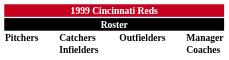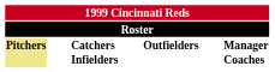 <table class="toccolours" style="font-size: 95%;">
 <tr>
 <th colspan="10" style="background:#c6011f; color:#fff; text-align:center;">1999 Cincinnati Reds</th>
 </tr>
 <tr>
 <td colspan="10" style="background:black; color:#fff; text-align:center;"><strong>Roster</strong></td>
 </tr>
 <tr>
-<td valign="top"><strong>Pitchers</strong><br>                </td>
+<td valign="top" style="background: khaki;"><strong>Pitchers</strong><br>                </td>
 <td style="width:25px;"></td>
 <td valign="top"><strong>Catchers</strong><br>   <strong>Infielders</strong>         </td>
 <td style="width:25px;"></td>
 <td valign="top"><strong>Outfielders</strong><br>     </td>
 <td style="width:25px;"></td>
 <td valign="top"><strong>Manager</strong><br> <strong>Coaches</strong>       </td>
 </tr>
 </table>
